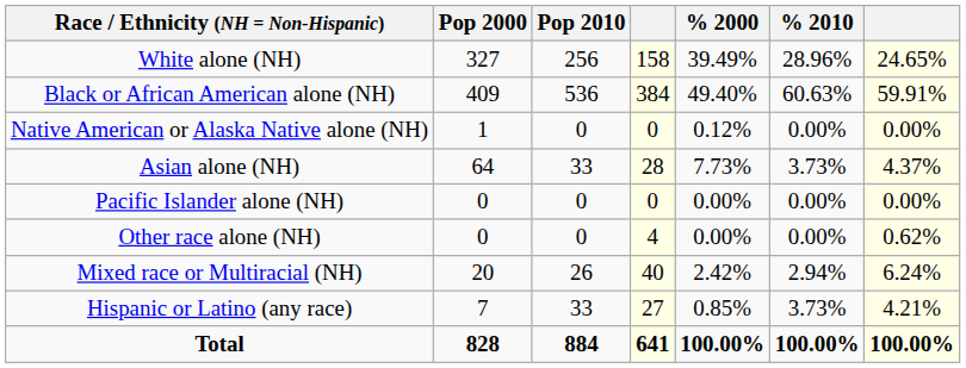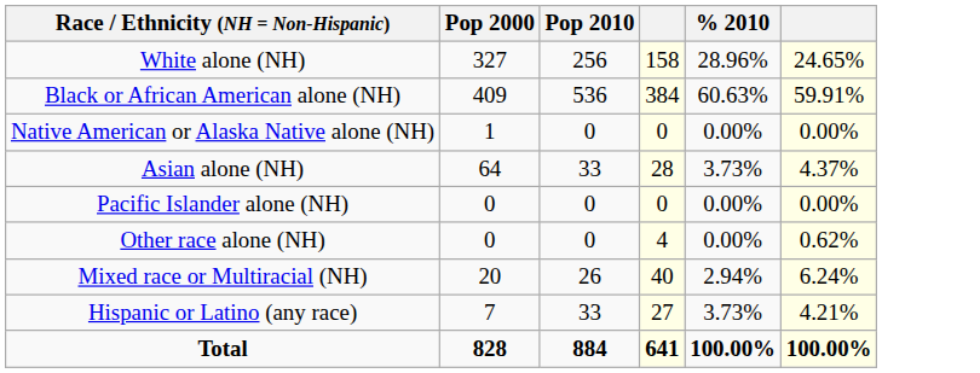 <table class="wikitable" style="text-align:center;">
 <tr>
 <th>Race / Ethnicity <small>(<em>NH = Non-Hispanic</em>)</small></th>
 <th>Pop 2000</th>
 <th>Pop 2010</th>
 <th></th>
-<th>% 2000</th>
 <th>% 2010</th>
 <th></th>
 </tr>
 <tr>
 <td><a href='#'>White</a> alone (NH)</td>
 <td>327</td>
 <td>256</td>
 <td style='background: #ffffe6;'>158</td>
-<td>39.49%</td>
 <td>28.96%</td>
 <td style='background: #ffffe6;'>24.65%</td>
 </tr>
 <tr>
 <td><a href='#'>Black or African American</a> alone (NH)</td>
 <td>409</td>
 <td>536</td>
 <td style='background: #ffffe6;'>384</td>
-<td>49.40%</td>
 <td>60.63%</td>
 <td style='background: #ffffe6;'>59.91%</td>
 </tr>
 <tr>
 <td><a href='#'>Native American</a> or <a href='#'>Alaska Native</a> alone (NH)</td>
 <td>1</td>
 <td>0</td>
 <td style='background: #ffffe6;'>0</td>
-<td>0.12%</td>
 <td>0.00%</td>
 <td style='background: #ffffe6;'>0.00%</td>
 </tr>
 <tr>
 <td><a href='#'>Asian</a> alone (NH)</td>
 <td>64</td>
 <td>33</td>
 <td style='background: #ffffe6;'>28</td>
-<td>7.73%</td>
 <td>3.73%</td>
 <td style='background: #ffffe6;'>4.37%</td>
 </tr>
 <tr>
 <td><a href='#'>Pacific Islander</a> alone (NH)</td>
 <td>0</td>
 <td>0</td>
 <td style='background: #ffffe6;'>0</td>
 <td>0.00%</td>
-<td>0.00%</td>
 <td style='background: #ffffe6;'>0.00%</td>
 </tr>
 <tr>
 <td><a href='#'>Other race</a> alone (NH)</td>
 <td>0</td>
 <td>0</td>
 <td style='background: #ffffe6;'>4</td>
 <td>0.00%</td>
-<td>0.00%</td>
 <td style='background: #ffffe6;'>0.62%</td>
 </tr>
 <tr>
 <td><a href='#'>Mixed race or Multiracial</a> (NH)</td>
 <td>20</td>
 <td>26</td>
 <td style='background: #ffffe6;'>40</td>
-<td>2.42%</td>
 <td>2.94%</td>
 <td style='background: #ffffe6;'>6.24%</td>
 </tr>
 <tr>
 <td><a href='#'>Hispanic or Latino</a> (any race)</td>
 <td>7</td>
 <td>33</td>
 <td style='background: #ffffe6;'>27</td>
-<td>0.85%</td>
 <td>3.73%</td>
 <td style='background: #ffffe6;'>4.21%</td>
 </tr>
 <tr>
 <td><strong>Total</strong></td>
 <td><strong>828</strong></td>
 <td><strong>884</strong></td>
 <td style='background: #ffffe6;'><strong>641</strong></td>
 <td><strong>100.00%</strong></td>
-<td><strong>100.00%</strong></td>
 <td style='background: #ffffe6;'><strong>100.00%</strong></td>
 </tr>
 </table>
